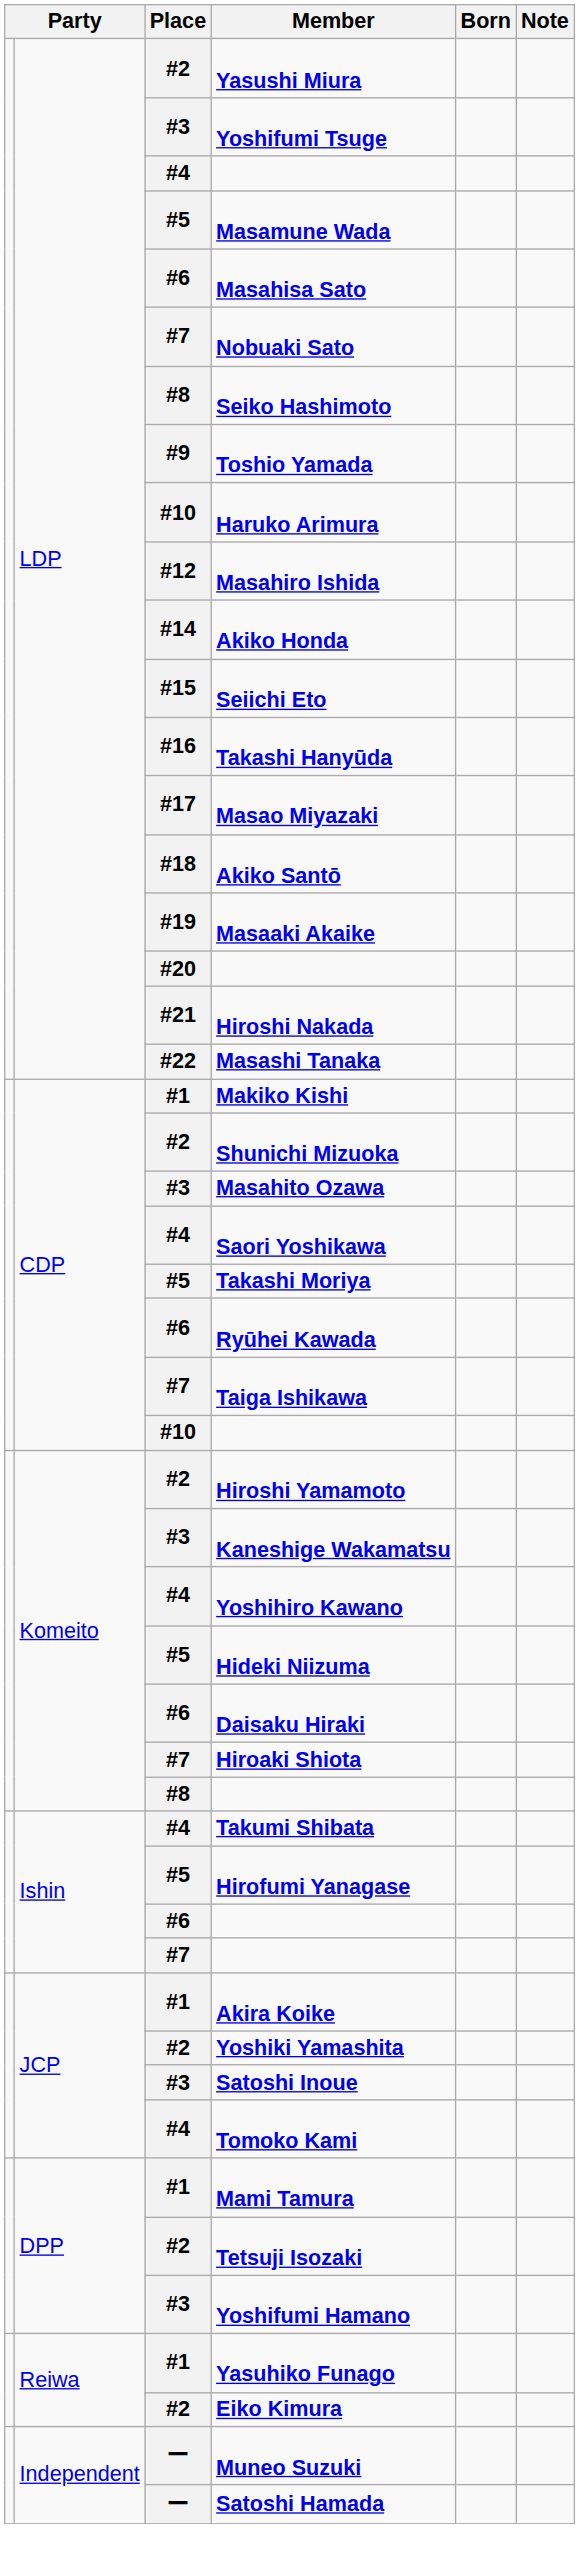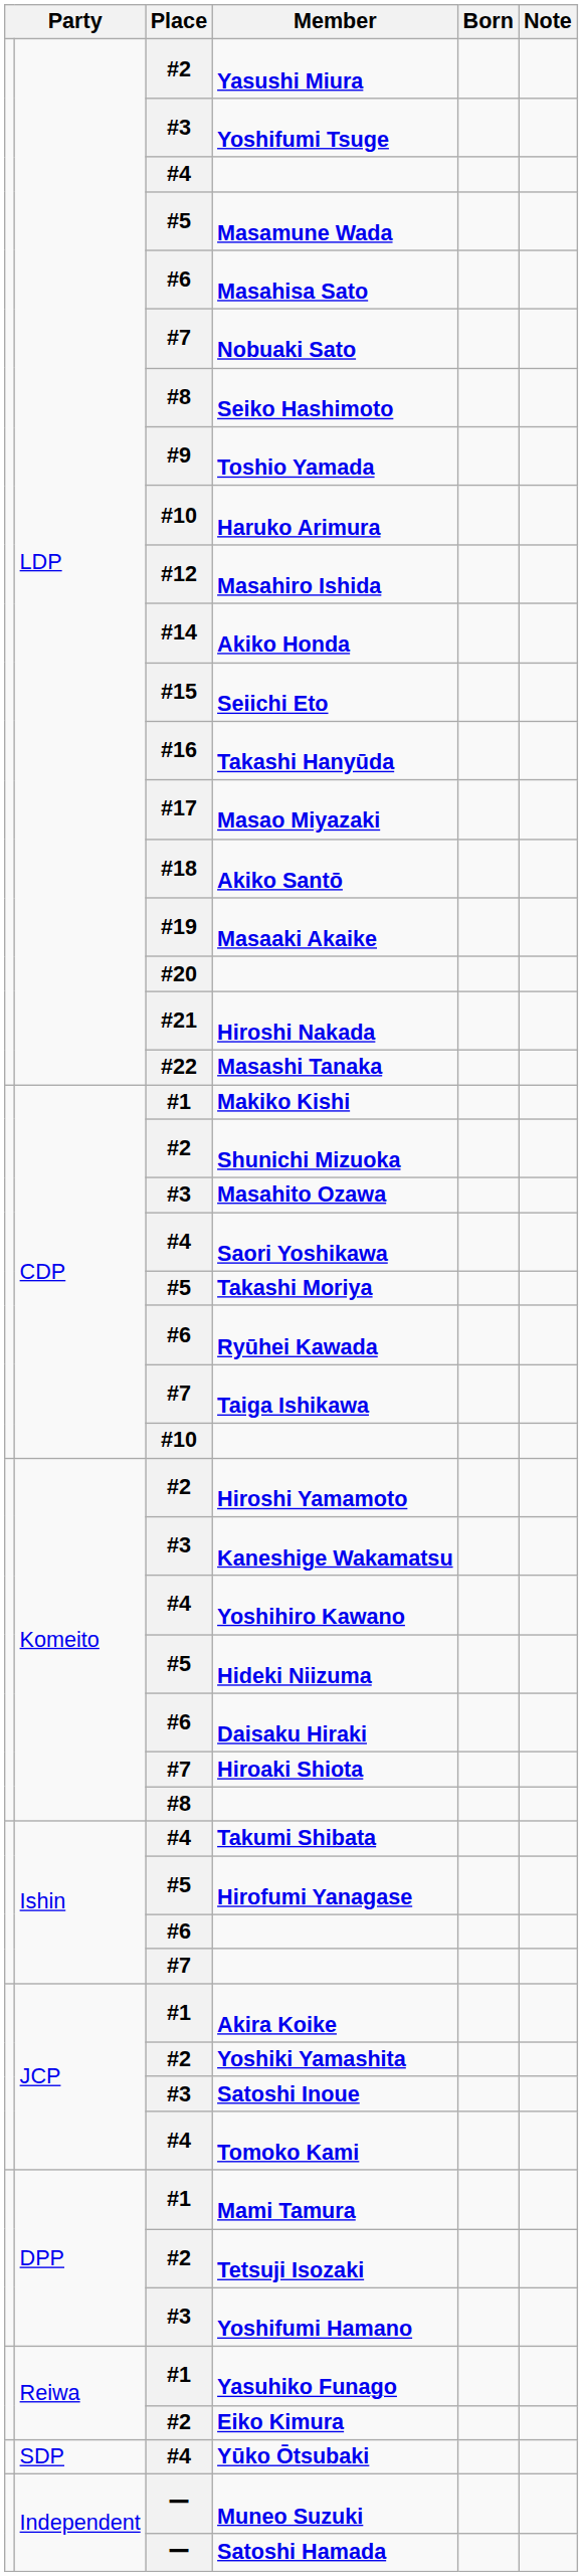 <table class="wikitable sortable plainrowheaders" id="votingmembers">
 <tr style="vertical-align:bottom">
 <th colspan=2>Party</th>
 <th>Place</th>
 <th>Member</th>
 <th>Born</th>
 <th>Note</th>
 </tr>
 <tr>
 <td rowspan=19 style="background-color:"></td>
 <td rowspan=19><a href='#'>LDP</a></td>
 <th>#2</th>
 <td><br><strong><a href='#'>Yasushi Miura</a></strong></td>
 <td></td>
 <td></td>
 </tr>
 <tr>
 <th>#3</th>
 <td><br><strong><a href='#'>Yoshifumi Tsuge</a></strong></td>
 <td></td>
 <td></td>
 </tr>
 <tr>
 <th>#4</th>
 <td><br><strong></strong></td>
 <td></td>
 <td></td>
 </tr>
 <tr>
 <th>#5</th>
 <td><br><strong><a href='#'>Masamune Wada</a></strong></td>
 <td></td>
 <td></td>
 </tr>
 <tr>
 <th>#6</th>
 <td><br><strong><a href='#'>Masahisa Sato</a></strong></td>
 <td></td>
 <td></td>
 </tr>
 <tr>
 <th>#7</th>
 <td><br><strong><a href='#'>Nobuaki Sato</a></strong></td>
 <td></td>
 <td></td>
 </tr>
 <tr>
 <th>#8</th>
 <td><br><strong><a href='#'>Seiko Hashimoto</a></strong></td>
 <td></td>
 <td></td>
 </tr>
 <tr>
 <th>#9</th>
 <td><br><strong><a href='#'>Toshio Yamada</a></strong></td>
 <td></td>
 <td></td>
 </tr>
 <tr>
 <th>#10</th>
 <td><br><strong><a href='#'>Haruko Arimura</a></strong></td>
 <td></td>
 <td></td>
 </tr>
 <tr>
 <th>#12</th>
 <td><br><strong><a href='#'>Masahiro Ishida</a></strong></td>
 <td></td>
 <td></td>
 </tr>
 <tr>
 <th>#14</th>
 <td><br><strong><a href='#'>Akiko Honda</a></strong></td>
 <td></td>
 <td></td>
 </tr>
 <tr>
 <th>#15</th>
 <td><br><strong><a href='#'>Seiichi Eto</a></strong></td>
 <td></td>
 <td></td>
 </tr>
 <tr>
 <th>#16</th>
 <td><br><strong><a href='#'>Takashi Hanyūda</a></strong></td>
 <td></td>
 <td></td>
 </tr>
 <tr>
 <th>#17</th>
 <td><br><strong><a href='#'>Masao Miyazaki</a></strong></td>
 <td></td>
 <td></td>
 </tr>
 <tr>
 <th>#18</th>
 <td><br><strong><a href='#'>Akiko Santō</a></strong></td>
 <td></td>
 <td></td>
 </tr>
 <tr>
 <th>#19</th>
 <td><br><strong><a href='#'>Masaaki Akaike</a></strong></td>
 <td></td>
 <td></td>
 </tr>
 <tr>
 <th>#20</th>
 <td><br><strong></strong></td>
 <td></td>
 <td></td>
 </tr>
 <tr>
 <th>#21</th>
 <td><br><strong><a href='#'>Hiroshi Nakada</a></strong></td>
 <td></td>
 <td></td>
 </tr>
 <tr>
 <th>#22</th>
 <td><strong><a href='#'>Masashi Tanaka</a></strong></td>
 <td></td>
 <td></td>
 </tr>
 <tr>
 <td rowspan=8 style="background-color:"></td>
 <td rowspan=8><a href='#'>CDP</a></td>
 <th>#1</th>
 <td><strong><a href='#'>Makiko Kishi</a></strong></td>
 <td></td>
 <td></td>
 </tr>
 <tr>
 <th>#2</th>
 <td><br><strong><a href='#'>Shunichi Mizuoka</a></strong></td>
 <td></td>
 <td></td>
 </tr>
 <tr>
 <th>#3</th>
 <td><strong><a href='#'>Masahito Ozawa</a></strong></td>
 <td></td>
 <td></td>
 </tr>
 <tr>
 <th>#4</th>
 <td><br><strong><a href='#'>Saori Yoshikawa</a></strong></td>
 <td></td>
 <td></td>
 </tr>
 <tr>
 <th>#5</th>
 <td><strong><a href='#'>Takashi Moriya</a></strong></td>
 <td></td>
 <td></td>
 </tr>
 <tr>
 <th>#6</th>
 <td><br><strong><a href='#'>Ryūhei Kawada</a></strong></td>
 <td></td>
 <td></td>
 </tr>
 <tr>
 <th>#7</th>
 <td><br><strong><a href='#'>Taiga Ishikawa</a></strong></td>
 <td></td>
 <td></td>
 </tr>
 <tr>
 <th>#10</th>
 <td><br><strong></strong></td>
 <td></td>
 <td></td>
 </tr>
 <tr>
 <td rowspan=7 style="background-color:"></td>
 <td rowspan=7><a href='#'>Komeito</a></td>
 <th>#2</th>
 <td><br><strong><a href='#'>Hiroshi Yamamoto</a></strong></td>
 <td></td>
 <td></td>
 </tr>
 <tr>
 <th>#3</th>
 <td><br><strong><a href='#'>Kaneshige Wakamatsu</a></strong></td>
 <td></td>
 <td></td>
 </tr>
 <tr>
 <th>#4</th>
 <td><br><strong><a href='#'>Yoshihiro Kawano</a></strong></td>
 <td></td>
 <td></td>
 </tr>
 <tr>
 <th>#5</th>
 <td><br><strong><a href='#'>Hideki Niizuma</a></strong></td>
 <td></td>
 <td></td>
 </tr>
 <tr>
 <th>#6</th>
 <td><br><strong><a href='#'>Daisaku Hiraki</a></strong></td>
 <td></td>
 <td></td>
 </tr>
 <tr>
 <th>#7</th>
 <td><strong><a href='#'>Hiroaki Shiota</a></strong></td>
 <td></td>
 <td></td>
 </tr>
 <tr>
 <th>#8</th>
 <td><strong></strong></td>
 <td></td>
 <td></td>
 </tr>
 <tr>
 <td rowspan=4 style="background-color:"></td>
 <td rowspan=4><a href='#'>Ishin</a></td>
 <th>#4</th>
 <td><strong><a href='#'>Takumi Shibata</a></strong></td>
 <td></td>
 <td></td>
 </tr>
 <tr>
 <th>#5</th>
 <td><br><strong><a href='#'>Hirofumi Yanagase</a></strong></td>
 <td></td>
 <td></td>
 </tr>
 <tr>
 <th>#6</th>
 <td><strong></strong></td>
 <td></td>
 <td></td>
 </tr>
 <tr>
 <th>#7</th>
 <td><strong></strong></td>
 <td></td>
 <td></td>
 </tr>
 <tr>
 <td rowspan=4 style="background-color:"></td>
 <td rowspan=4><a href='#'>JCP</a></td>
 <th>#1</th>
 <td><br><strong><a href='#'>Akira Koike</a></strong></td>
 <td></td>
 <td></td>
 </tr>
 <tr>
 <th>#2</th>
 <td><strong><a href='#'>Yoshiki Yamashita</a></strong></td>
 <td></td>
 <td></td>
 </tr>
 <tr>
 <th>#3</th>
 <td><strong><a href='#'>Satoshi Inoue</a></strong></td>
 <td></td>
 <td></td>
 </tr>
 <tr>
 <th>#4</th>
 <td><br><strong><a href='#'>Tomoko Kami</a></strong></td>
 <td></td>
 <td></td>
 </tr>
 <tr>
 <td rowspan=3 style="background-color:"></td>
 <td rowspan=3><a href='#'>DPP</a></td>
 <th>#1</th>
 <td><br><strong><a href='#'>Mami Tamura</a></strong></td>
 <td></td>
 <td></td>
 </tr>
 <tr>
 <th>#2</th>
 <td><br><strong><a href='#'>Tetsuji Isozaki</a></strong></td>
 <td></td>
 <td></td>
 </tr>
 <tr>
 <th>#3</th>
 <td><br><strong><a href='#'>Yoshifumi Hamano</a></strong></td>
 <td></td>
 <td></td>
 </tr>
 <tr>
 <td rowspan=2 style="background-color:"></td>
 <td rowspan=2><a href='#'>Reiwa</a></td>
 <th>#1</th>
 <td><br><strong><a href='#'>Yasuhiko Funago</a></strong></td>
 <td></td>
 <td></td>
 </tr>
 <tr>
 <th>#2</th>
 <td><strong><a href='#'>Eiko Kimura</a></strong></td>
 <td></td>
 <td></td>
 </tr>
 <tr>
+<td style="background-color:"></td>
+<td><a href='#'>SDP</a></td>
+<th>#4</th>
+<td><strong><a href='#'>Yūko Ōtsubaki</a></strong></td>
+<td></td>
+<td></td>
+</tr>
+<tr>
 <td rowspan=2 style="background-color:"></td>
 <td rowspan=2><a href='#'>Independent</a></td>
 <th>ー</th>
 <td><br><strong><a href='#'>Muneo Suzuki</a></strong></td>
 <td></td>
 <td></td>
 </tr>
 <tr>
 <th>ー</th>
 <td><strong><a href='#'>Satoshi Hamada</a></strong></td>
 <td></td>
 <td></td>
 </tr>
 </table>
